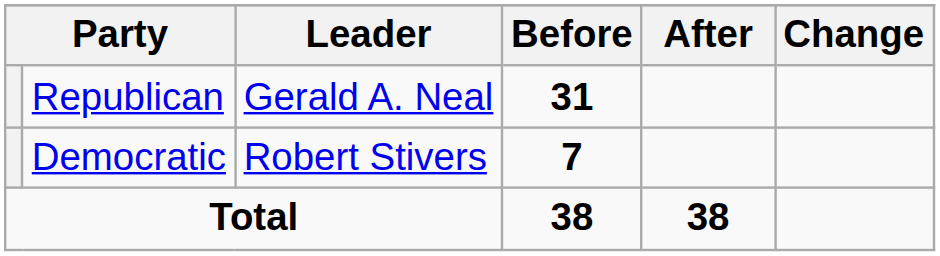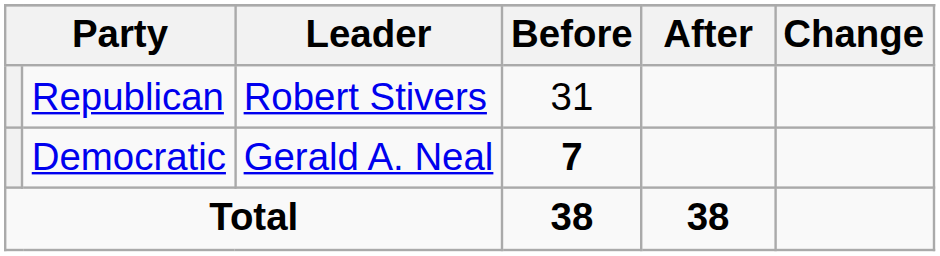 <table class="wikitable" style="text-align:center;">
 <tr>
 </tr>
 <tr>
 <th colspan="2">Party</th>
 <th>Leader</th>
 <th style="width:3em">Before</th>
 <th style="width:3em">After</th>
 <th style="width:3em">Change</th>
 </tr>
 <tr>
 <th style="background-color:"></th>
 <td style="text-align:left;"><a href='#'>Republican</a></td>
-<td style="text-align:left;"><a href='#'>Gerald A. Neal</a></td>
-<td><strong>31</strong></td>
+<td style="text-align:left;"><a href='#'>Robert Stivers</a></td>
+<td>31</td>
 <td></td>
 <td></td>
 </tr>
 <tr>
 <th style="background-color:"></th>
 <td style="text-align:left;"><a href='#'>Democratic</a></td>
-<td style="text-align:left;"><a href='#'>Robert Stivers</a></td>
+<td style="text-align:left;"><a href='#'>Gerald A. Neal</a></td>
 <td><strong>7</strong></td>
 <td></td>
 <td></td>
 </tr>
 <tr>
 <td colspan="3"><strong>Total</strong></td>
 <td><strong>38</strong></td>
 <td><strong>38</strong></td>
 <td></td>
 </tr>
 </table>
